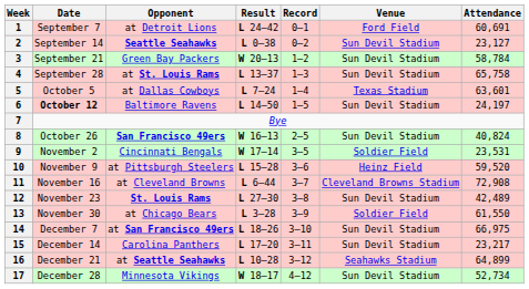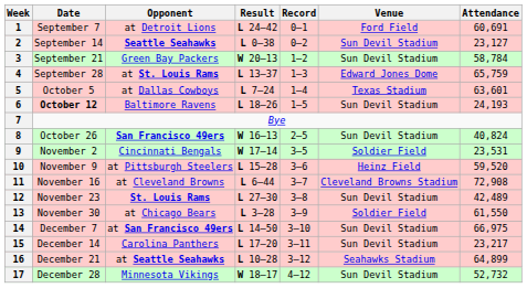 <table class="wikitable" style="text-align:center">
 <tr>
 <th>Week</th>
 <th>Date</th>
 <th>Opponent</th>
 <th>Result</th>
 <th>Record</th>
 <th>Venue</th>
 <th>Attendance</th>
 </tr>
 <tr style="background:#fcc">
 <th>1</th>
 <td>September 7</td>
 <td>at <a href='#'>Detroit Lions</a></td>
 <td><strong>L</strong> 24–42</td>
 <td>0–1</td>
 <td><a href='#'>Ford Field</a></td>
 <td>60,691</td>
 </tr>
 <tr style="background:#fcc">
 <th>2</th>
 <td>September 14</td>
 <td><strong><a href='#'>Seattle Seahawks</a></strong></td>
 <td><strong>L</strong> 0–38</td>
 <td>0–2</td>
 <td><a href='#'>Sun Devil Stadium</a></td>
 <td>23,127</td>
 </tr>
 <tr style="background:#cfc">
 <th>3</th>
 <td>September 21</td>
 <td><a href='#'>Green Bay Packers</a></td>
 <td><strong>W</strong> 20–13</td>
 <td>1–2</td>
 <td>Sun Devil Stadium</td>
 <td>58,784</td>
 </tr>
 <tr style="background:#fcc">
 <th>4</th>
 <td>September 28</td>
 <td>at <strong><a href='#'>St. Louis Rams</a></strong></td>
 <td><strong>L</strong> 13–37</td>
 <td>1–3</td>
-<td>Sun Devil Stadium</td>
-<td>65,758</td>
+<td><a href='#'>Edward Jones Dome</a></td>
+<td>65,759</td>
 </tr>
 <tr style="background:#fcc">
 <th>5</th>
 <td>October 5</td>
 <td>at <a href='#'>Dallas Cowboys</a></td>
 <td><strong>L</strong> 7–24</td>
 <td>1–4</td>
 <td><a href='#'>Texas Stadium</a></td>
 <td>63,601</td>
 </tr>
 <tr style="background:#fcc">
 <th>6</th>
 <td><strong>October 12</strong></td>
 <td><a href='#'>Baltimore Ravens</a></td>
-<td><strong>L</strong> 14–50</td>
+<td><strong>L</strong> 18–26</td>
 <td>1–5</td>
 <td>Sun Devil Stadium</td>
-<td>24,197</td>
+<td>24,193</td>
 </tr>
 <tr>
 <th>7</th>
 <td colspan="7"><em><a href='#'>Bye</a></em></td>
 </tr>
 <tr style="background:#cfc">
 <th>8</th>
 <td>October 26</td>
 <td><strong><a href='#'>San Francisco 49ers</a></strong></td>
 <td><strong>W</strong> 16–13 </td>
 <td>2–5</td>
 <td>Sun Devil Stadium</td>
 <td>40,824</td>
 </tr>
 <tr style="background:#cfc">
 <th>9</th>
 <td>November 2</td>
 <td><a href='#'>Cincinnati Bengals</a></td>
 <td><strong>W</strong> 17–14</td>
 <td>3–5</td>
 <td><a href='#'>Soldier Field</a></td>
 <td>23,531</td>
 </tr>
 <tr style="background:#fcc">
 <th>10</th>
 <td>November 9</td>
 <td>at <a href='#'>Pittsburgh Steelers</a></td>
 <td><strong>L</strong> 15–28</td>
 <td>3–6</td>
 <td><a href='#'>Heinz Field</a></td>
 <td>59,520</td>
 </tr>
 <tr style="background:#fcc">
 <th>11</th>
 <td>November 16</td>
 <td>at <a href='#'>Cleveland Browns</a></td>
 <td><strong>L</strong> 6–44</td>
 <td>3–7</td>
 <td><a href='#'>Cleveland Browns Stadium</a></td>
 <td>72,908</td>
 </tr>
 <tr style="background:#fcc">
 <th>12</th>
 <td>November 23</td>
 <td><strong><a href='#'>St. Louis Rams</a></strong></td>
 <td><strong>L</strong> 27–30 </td>
 <td>3–8</td>
 <td>Sun Devil Stadium</td>
 <td>42,489</td>
 </tr>
 <tr style="background:#fcc">
 <th>13</th>
 <td>November 30</td>
 <td>at <a href='#'>Chicago Bears</a></td>
 <td><strong>L</strong> 3–28</td>
 <td>3–9</td>
 <td><a href='#'>Soldier Field</a></td>
 <td>61,550</td>
 </tr>
 <tr style="background:#fcc">
 <th>14</th>
 <td>December 7</td>
 <td>at <strong><a href='#'>San Francisco 49ers</a></strong></td>
-<td><strong>L</strong> 18–26</td>
+<td><strong>L</strong> 14–50</td>
 <td>3–10</td>
 <td>Sun Devil Stadium</td>
 <td>66,975</td>
 </tr>
 <tr style="background:#fcc">
 <th>15</th>
 <td>December 14</td>
 <td><a href='#'>Carolina Panthers</a></td>
 <td><strong>L</strong> 17–20</td>
 <td>3–11</td>
 <td>Sun Devil Stadium</td>
 <td>23,217</td>
 </tr>
 <tr style="background:#fcc">
 <th>16</th>
 <td>December 21</td>
 <td>at <strong><a href='#'>Seattle Seahawks</a></strong></td>
 <td><strong>L</strong> 10–28</td>
 <td>3–12</td>
 <td><a href='#'>Seahawks Stadium</a></td>
 <td>64,899</td>
 </tr>
 <tr style="background:#cfc">
 <th>17</th>
 <td>December 28</td>
 <td><a href='#'>Minnesota Vikings</a></td>
 <td><strong>W</strong> 18–17</td>
 <td>4–12</td>
 <td>Sun Devil Stadium</td>
-<td>52,734</td>
+<td>52,732</td>
 </tr>
 </table>
